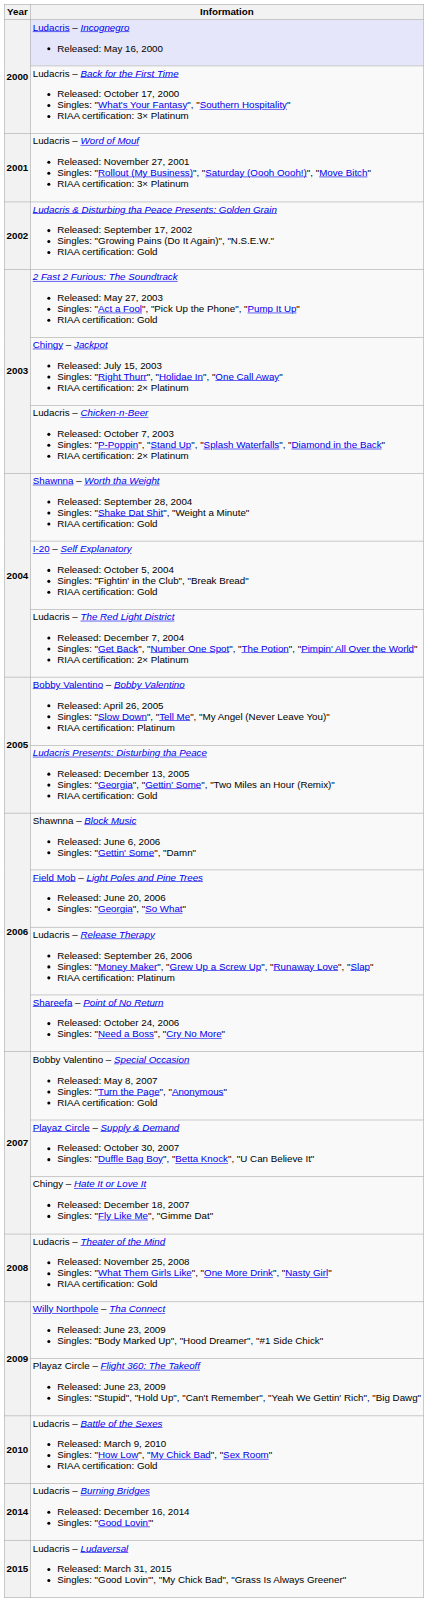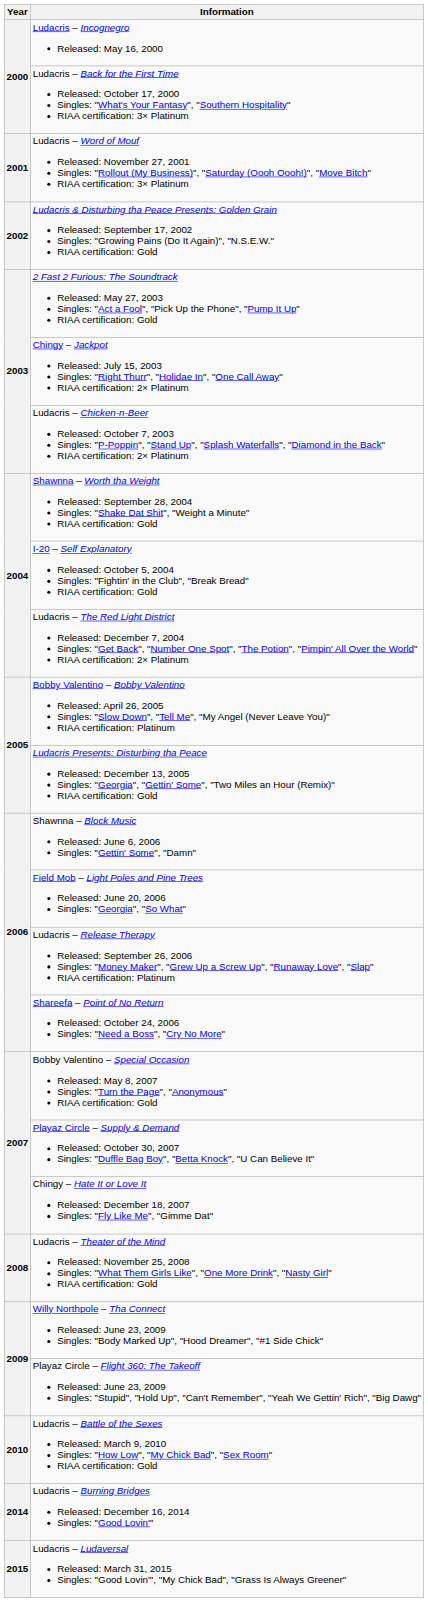 <table class="wikitable plainrowheaders">
 <tr>
 <th scope="col" style="text-align:center;">Year</th>
 <th scope="col" style="text-align:center;">Information</th>
 </tr>
 <tr>
 <th scope="row" rowspan="2">2000</th>
-<td style="background: lavender;"><a href='#'>Ludacris</a> – <em><a href='#'>Incognegro</a></em><br><ul><li>Released: May 16, 2000</li></ul></td>
+<td><a href='#'>Ludacris</a> – <em><a href='#'>Incognegro</a></em><br><ul><li>Released: May 16, 2000</li></ul></td>
 </tr>
 <tr>
 <td>Ludacris – <em><a href='#'>Back for the First Time</a></em><br><ul><li>Released: October 17, 2000</li><li>Singles: "<a href='#'>What's Your Fantasy</a>", "<a href='#'>Southern Hospitality</a>"</li><li>RIAA certification: 3× Platinum</li></ul></td>
 </tr>
 <tr>
 <th scope="row">2001</th>
 <td>Ludacris – <em><a href='#'>Word of Mouf</a></em><br><ul><li>Released: November 27, 2001</li><li>Singles: "<a href='#'>Rollout (My Business)</a>", "<a href='#'>Saturday (Oooh Oooh!)</a>", "<a href='#'>Move Bitch</a>"</li><li>RIAA certification: 3× Platinum</li></ul></td>
 </tr>
 <tr>
 <th scope="row">2002</th>
 <td><em><a href='#'>Ludacris & Disturbing tha Peace Presents: Golden Grain</a></em><br><ul><li>Released: September 17, 2002</li><li>Singles: "Growing Pains (Do It Again)", "N.S.E.W."</li><li>RIAA certification: Gold</li></ul></td>
 </tr>
 <tr>
 <th scope="row" rowspan="3">2003</th>
 <td><em><a href='#'>2 Fast 2 Furious: The Soundtrack</a></em><br><ul><li>Released: May 27, 2003</li><li>Singles: "<a href='#'>Act a Fool</a>", "Pick Up the Phone", "<a href='#'>Pump It Up</a>"</li><li>RIAA certification: Gold</li></ul></td>
 </tr>
 <tr>
 <td><a href='#'>Chingy</a> – <em><a href='#'>Jackpot</a></em><br><ul><li>Released: July 15, 2003</li><li>Singles: "<a href='#'>Right Thurr</a>", "<a href='#'>Holidae In</a>", "<a href='#'>One Call Away</a>"</li><li>RIAA certification: 2× Platinum</li></ul></td>
 </tr>
 <tr>
 <td>Ludacris – <em><a href='#'>Chicken-n-Beer</a></em><br><ul><li>Released: October 7, 2003</li><li>Singles: "<a href='#'>P-Poppin</a>", "<a href='#'>Stand Up</a>", "<a href='#'>Splash Waterfalls</a>", "<a href='#'>Diamond in the Back</a>"</li><li>RIAA certification: 2× Platinum</li></ul></td>
 </tr>
 <tr>
 <th scope="row" rowspan="3">2004</th>
 <td><a href='#'>Shawnna</a> – <em><a href='#'>Worth tha Weight</a></em><br><ul><li>Released: September 28, 2004</li><li>Singles: "<a href='#'>Shake Dat Shit</a>", "Weight a Minute"</li><li>RIAA certification: Gold</li></ul></td>
 </tr>
 <tr>
 <td><a href='#'>I-20</a> – <em><a href='#'>Self Explanatory</a></em><br><ul><li>Released: October 5, 2004</li><li>Singles: "Fightin' in the Club", "Break Bread"</li><li>RIAA certification: Gold</li></ul></td>
 </tr>
 <tr>
 <td>Ludacris – <em><a href='#'>The Red Light District</a></em><br><ul><li>Released: December 7, 2004</li><li>Singles: "<a href='#'>Get Back</a>", "<a href='#'>Number One Spot</a>", "<a href='#'>The Potion</a>", "<a href='#'>Pimpin' All Over the World</a>"</li><li>RIAA certification: 2× Platinum</li></ul></td>
 </tr>
 <tr>
 <th scope="row" rowspan="2">2005</th>
 <td><a href='#'>Bobby Valentino</a> – <em><a href='#'>Bobby Valentino</a></em><br><ul><li>Released: April 26, 2005</li><li>Singles: "<a href='#'>Slow Down</a>", "<a href='#'>Tell Me</a>", "My Angel (Never Leave You)"</li><li>RIAA certification: Platinum</li></ul></td>
 </tr>
 <tr>
 <td><em><a href='#'>Ludacris Presents: Disturbing tha Peace</a></em><br><ul><li>Released: December 13, 2005</li><li>Singles: "<a href='#'>Georgia</a>", "<a href='#'>Gettin' Some</a>", "Two Miles an Hour (Remix)"</li><li>RIAA certification: Gold</li></ul></td>
 </tr>
 <tr>
 <th scope="row" rowspan="4">2006</th>
 <td>Shawnna – <em><a href='#'>Block Music</a></em><br><ul><li>Released: June 6, 2006</li><li>Singles: "<a href='#'>Gettin' Some</a>", "Damn"</li></ul></td>
 </tr>
 <tr>
 <td><a href='#'>Field Mob</a> – <em><a href='#'>Light Poles and Pine Trees</a></em><br><ul><li>Released: June 20, 2006</li><li>Singles: "<a href='#'>Georgia</a>", "<a href='#'>So What</a>"</li></ul></td>
 </tr>
 <tr>
 <td>Ludacris – <em><a href='#'>Release Therapy</a></em><br><ul><li>Released: September 26, 2006</li><li>Singles: "<a href='#'>Money Maker</a>", "<a href='#'>Grew Up a Screw Up</a>", "<a href='#'>Runaway Love</a>", "<a href='#'>Slap</a>"</li><li>RIAA certification: Platinum</li></ul></td>
 </tr>
 <tr>
 <td><a href='#'>Shareefa</a> – <em><a href='#'>Point of No Return</a></em><br><ul><li>Released: October 24, 2006</li><li>Singles: "<a href='#'>Need a Boss</a>", "<a href='#'>Cry No More</a>"</li></ul></td>
 </tr>
 <tr>
 <th scope="row" rowspan="3">2007</th>
 <td>Bobby Valentino – <em><a href='#'>Special Occasion</a></em><br><ul><li>Released: May 8, 2007</li><li>Singles: "<a href='#'>Turn the Page</a>", "<a href='#'>Anonymous</a>"</li><li>RIAA certification: Gold</li></ul></td>
 </tr>
 <tr>
 <td><a href='#'>Playaz Circle</a> – <em><a href='#'>Supply & Demand</a></em><br><ul><li>Released: October 30, 2007</li><li>Singles: "<a href='#'>Duffle Bag Boy</a>", "<a href='#'>Betta Knock</a>", "U Can Believe It"</li></ul></td>
 </tr>
 <tr>
 <td>Chingy – <em><a href='#'>Hate It or Love It</a></em><br><ul><li>Released: December 18, 2007</li><li>Singles: "<a href='#'>Fly Like Me</a>", "Gimme Dat"</li></ul></td>
 </tr>
 <tr>
 <th scope="row">2008</th>
 <td>Ludacris – <em><a href='#'>Theater of the Mind</a></em><br><ul><li>Released: November 25, 2008</li><li>Singles: "<a href='#'>What Them Girls Like</a>", "<a href='#'>One More Drink</a>", "<a href='#'>Nasty Girl</a>"</li><li>RIAA certification: Gold</li></ul></td>
 </tr>
 <tr>
 <th scope="row" rowspan="2">2009</th>
 <td><a href='#'>Willy Northpole</a> – <em><a href='#'>Tha Connect</a></em><br><ul><li>Released: June 23, 2009</li><li>Singles: "Body Marked Up", "Hood Dreamer", "#1 Side Chick"</li></ul></td>
 </tr>
 <tr>
 <td>Playaz Circle – <em><a href='#'>Flight 360: The Takeoff</a></em><br><ul><li>Released: June 23, 2009</li><li>Singles: "Stupid", "Hold Up", "Can't Remember", "Yeah We Gettin' Rich", "Big Dawg"</li></ul></td>
 </tr>
 <tr>
 <th scope="row">2010</th>
 <td>Ludacris – <em><a href='#'>Battle of the Sexes</a></em><br><ul><li>Released: March 9, 2010</li><li>Singles: "<a href='#'>How Low</a>", "<a href='#'>My Chick Bad</a>", "<a href='#'>Sex Room</a>"</li><li>RIAA certification: Gold</li></ul></td>
 </tr>
 <tr>
 <th scope="row">2014</th>
 <td>Ludacris – <em><a href='#'>Burning Bridges</a></em><br><ul><li>Released: December 16, 2014</li><li>Singles: "<a href='#'>Good Lovin'</a>"</li></ul></td>
 </tr>
 <tr>
 <th scope="row">2015</th>
 <td>Ludacris – <em><a href='#'>Ludaversal</a></em><br><ul><li>Released: March 31, 2015</li><li>Singles: "Good Lovin'", "My Chick Bad", "Grass Is Always Greener"</li></ul></td>
 </tr>
 </table>
